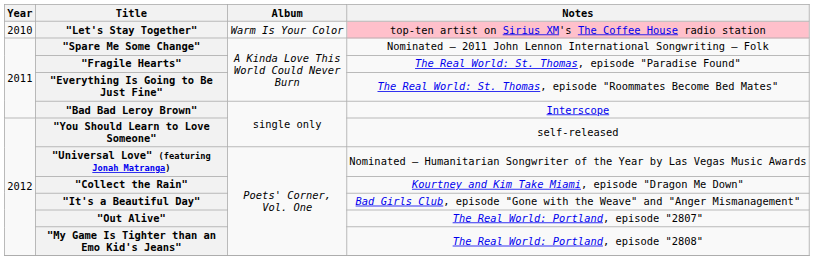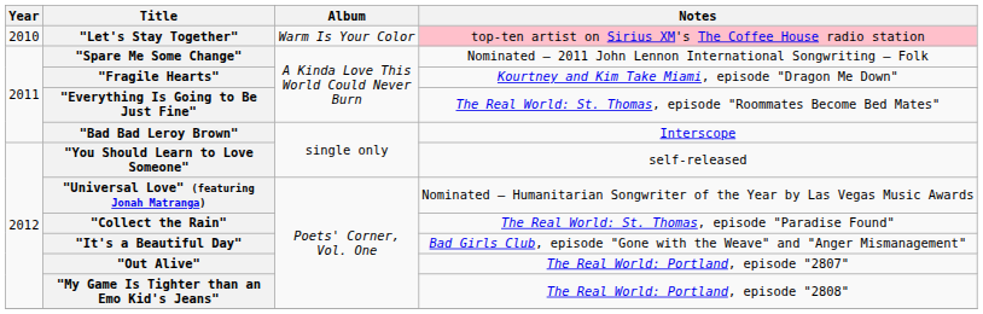 <table class="wikitable plainrowheaders" style="text-align:center;">
 <tr>
 <th scope="col" rowspan="1" style="width:2.5em;">Year</th>
 <th scope="col" rowspan="1" style="width:18em;">Title</th>
 <th scope="col" rowspan="1" style="width:11em;">Album</th>
 <th scope="col" rowspan="1">Notes</th>
 </tr>
 <tr>
 <td rowspan="1">2010</td>
 <th scope="row">"Let's Stay Together"</th>
 <td rowspan="1"><em>Warm Is Your Color</em></td>
 <td style="background: pink;">top-ten artist on <a href='#'>Sirius XM</a>'s <a href='#'>The Coffee House</a> radio station</td>
 </tr>
 <tr>
 <td rowspan="4">2011</td>
 <th scope="row">"Spare Me Some Change"</th>
 <td rowspan="3"><em>A Kinda Love This World Could Never Burn</em></td>
 <td>Nominated – 2011 John Lennon International Songwriting – Folk</td>
 </tr>
 <tr>
 <th scope="row">"Fragile Hearts"</th>
-<td><em><a href='#'>The Real World: St. Thomas</a></em>, episode "Paradise Found"</td>
+<td><em><a href='#'>Kourtney and Kim Take Miami</a></em>, episode "Dragon Me Down"</td>
 </tr>
 <tr>
 <th scope="row">"Everything Is Going to Be Just Fine"</th>
 <td><em><a href='#'>The Real World: St. Thomas</a></em>, episode "Roommates Become Bed Mates"</td>
 </tr>
 <tr>
 <th scope="row">"Bad Bad Leroy Brown"</th>
 <td rowspan="2">single only</td>
 <td><a href='#'>Interscope</a></td>
 </tr>
 <tr>
 <td rowspan="6">2012</td>
 <th scope="row">"You Should Learn to Love Someone"</th>
 <td>self-released</td>
 </tr>
 <tr>
 <th scope="row">"Universal Love" <small>(featuring <a href='#'>Jonah Matranga</a>)</small></th>
 <td rowspan="5"><em>Poets' Corner, Vol. One</em></td>
 <td>Nominated – Humanitarian Songwriter of the Year by Las Vegas Music Awards</td>
 </tr>
 <tr>
 <th scope="row">"Collect the Rain"</th>
-<td><em><a href='#'>Kourtney and Kim Take Miami</a></em>, episode "Dragon Me Down"</td>
+<td><em><a href='#'>The Real World: St. Thomas</a></em>, episode "Paradise Found"</td>
 </tr>
 <tr>
 <th scope="row">"It's a Beautiful Day"</th>
 <td><em><a href='#'>Bad Girls Club</a></em>, episode "Gone with the Weave" and "Anger Mismanagement"</td>
 </tr>
 <tr>
 <th scope="row">"Out Alive"</th>
 <td><em><a href='#'>The Real World: Portland</a></em>, episode "2807"</td>
 </tr>
 <tr>
 <th scope="row">"My Game Is Tighter than an Emo Kid's Jeans"</th>
 <td><em><a href='#'>The Real World: Portland</a></em>, episode "2808"</td>
 </tr>
 <tr>
 </tr>
 </table>
